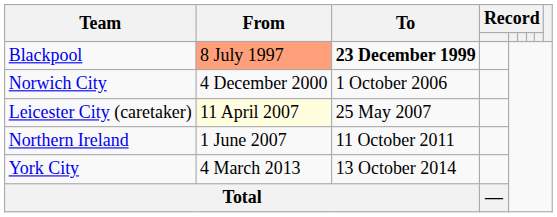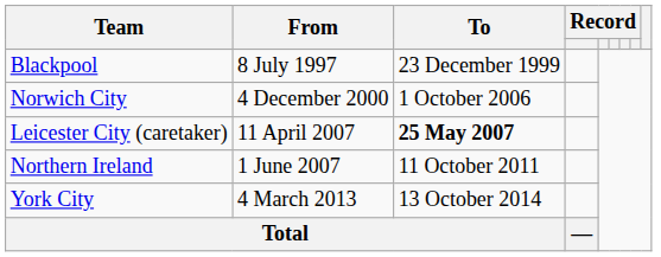 <table class=wikitable style="text-align: center">
 <tr>
 <th rowspan=2>Team</th>
 <th rowspan=2>From</th>
 <th rowspan=2>To</th>
 <th colspan=5>Record</th>
 <th rowspan=2></th>
 </tr>
 <tr>
 <th></th>
 <th></th>
 <th></th>
 <th></th>
 <th></th>
 </tr>
 <tr>
 <td align=left><a href='#'>Blackpool</a></td>
-<td align=left style="background: lightsalmon;">8 July 1997</td>
-<td align=left><strong>23 December 1999<br></strong></td>
+<td align=left>8 July 1997</td>
+<td align=left>23 December 1999<br></td>
 <td></td>
 </tr>
 <tr>
 <td align=left><a href='#'>Norwich City</a></td>
 <td align=left>4 December 2000</td>
 <td align=left>1 October 2006<br></td>
 <td></td>
 </tr>
 <tr>
 <td align=left><a href='#'>Leicester City</a> (caretaker)</td>
-<td align=left style="background: lightyellow;">11 April 2007</td>
-<td align=left>25 May 2007<br></td>
+<td align=left>11 April 2007</td>
+<td align=left><strong>25 May 2007<br></strong></td>
 <td></td>
 </tr>
 <tr>
 <td align=left><a href='#'>Northern Ireland</a></td>
 <td align=left>1 June 2007</td>
 <td align=left>11 October 2011<br></td>
 <td></td>
 </tr>
 <tr>
 <td align=left><a href='#'>York City</a></td>
 <td align=left>4 March 2013</td>
 <td align=left>13 October 2014<br></td>
 <td></td>
 </tr>
 <tr>
 <th colspan=3>Total<br></th>
 <th>—</th>
 </tr>
 </table>
